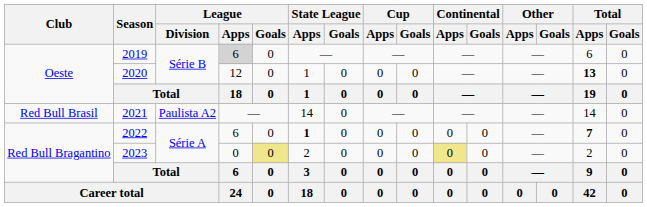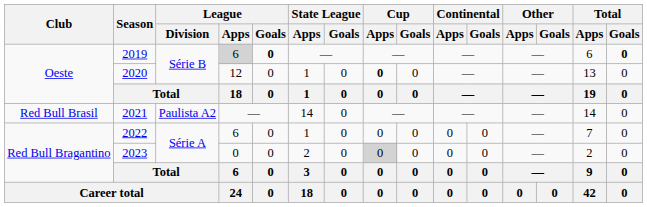 <table class="wikitable" style="text-align: center">
 <tr>
 <th rowspan="2">Club</th>
 <th rowspan="2">Season</th>
 <th colspan="3">League</th>
 <th colspan="2">State League</th>
 <th colspan="2">Cup</th>
 <th colspan="2">Continental</th>
 <th colspan="2">Other</th>
 <th colspan="2">Total</th>
 </tr>
 <tr>
 <th>Division</th>
 <th>Apps</th>
 <th>Goals</th>
 <th>Apps</th>
 <th>Goals</th>
 <th>Apps</th>
 <th>Goals</th>
 <th>Apps</th>
 <th>Goals</th>
 <th>Apps</th>
 <th>Goals</th>
 <th>Apps</th>
 <th>Goals</th>
 </tr>
 <tr>
 <td rowspan="3"><a href='#'>Oeste</a></td>
 <td><a href='#'>2019</a></td>
 <td rowspan="2"><a href='#'>Série B</a></td>
 <td style="background: lightgrey;">6</td>
-<td>0</td>
+<td><strong>0</strong></td>
 <td colspan="2">—</td>
 <td colspan="2">—</td>
 <td colspan="2">—</td>
 <td colspan="2">—</td>
 <td>6</td>
-<td>0</td>
+<td><strong>0</strong></td>
 </tr>
 <tr>
 <td><a href='#'>2020</a></td>
 <td>12</td>
 <td>0</td>
 <td>1</td>
 <td>0</td>
-<td>0</td>
+<td><strong>0</strong></td>
 <td>0</td>
 <td colspan="2">—</td>
 <td colspan="2">—</td>
-<td><strong>13</strong></td>
+<td>13</td>
 <td>0</td>
 </tr>
 <tr>
 <th colspan="2">Total</th>
 <th>18</th>
 <th>0</th>
 <th>1</th>
 <th>0</th>
 <th>0</th>
 <th>0</th>
 <th colspan="2">—</th>
 <th colspan="2">—</th>
 <th>19</th>
 <th>0</th>
 </tr>
 <tr>
 <td><a href='#'>Red Bull Brasil</a></td>
 <td><a href='#'>2021</a></td>
 <td><a href='#'>Paulista A2</a></td>
 <td colspan="2">—</td>
 <td>14</td>
 <td>0</td>
 <td colspan="2">—</td>
 <td colspan="2">—</td>
 <td colspan="2">—</td>
 <td>14</td>
 <td>0</td>
 </tr>
 <tr>
 <td rowspan="3"><a href='#'>Red Bull Bragantino</a></td>
 <td><a href='#'>2022</a></td>
 <td rowspan="2"><a href='#'>Série A</a></td>
 <td>6</td>
 <td>0</td>
-<td><strong>1</strong></td>
+<td>1</td>
 <td>0</td>
 <td>0</td>
 <td>0</td>
 <td>0</td>
 <td>0</td>
 <td colspan="2">—</td>
-<td><strong>7</strong></td>
+<td>7</td>
 <td>0</td>
 </tr>
 <tr>
 <td><a href='#'>2023</a></td>
 <td>0</td>
-<td style="background: khaki;">0</td>
+<td>0</td>
 <td>2</td>
 <td>0</td>
+<td style="background: lightgrey;">0</td>
 <td>0</td>
 <td>0</td>
-<td style="background: khaki;">0</td>
 <td>0</td>
 <td colspan="2">—</td>
 <td>2</td>
 <td>0</td>
 </tr>
 <tr>
 <th colspan="2">Total</th>
 <th>6</th>
 <th>0</th>
 <th>3</th>
 <th>0</th>
 <th>0</th>
 <th>0</th>
 <th>0</th>
 <th>0</th>
 <th colspan="2">—</th>
 <th>9</th>
 <th>0</th>
 </tr>
 <tr>
 <th colspan="3"><strong>Career total</strong></th>
 <th>24</th>
 <th>0</th>
 <th>18</th>
 <th>0</th>
 <th>0</th>
 <th>0</th>
 <th>0</th>
 <th>0</th>
 <th>0</th>
 <th>0</th>
 <th>42</th>
 <th>0</th>
 </tr>
 </table>
